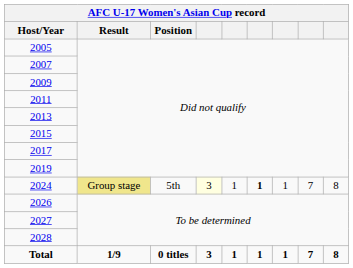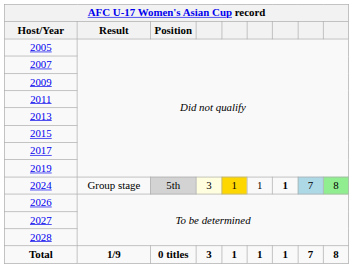 <table class="wikitable" style="text-align: center;">
 <tr>
 <th colspan=9 style="background:color: #0000FF;"><a href='#'>AFC U-17 Women's Asian Cup</a> record</th>
 </tr>
 <tr>
 <th style="width:100px;">Host/Year</th>
 <th style="width:100px;">Result</th>
 <th style="width:60px;">Position</th>
 <th style="width:30px;"></th>
 <th style="width:30px;"></th>
 <th style="width:30px;"></th>
 <th style="width:30px;"></th>
 <th style="width:30px;"></th>
 <th style="width:30px;"></th>
 </tr>
 <tr>
 <td> <a href='#'>2005</a></td>
 <td rowspan=8 colspan=8><em>Did not qualify</em></td>
 </tr>
 <tr>
 <td> <a href='#'>2007</a></td>
 </tr>
 <tr>
 <td> <a href='#'>2009</a></td>
 </tr>
 <tr>
 <td> <a href='#'>2011</a></td>
 </tr>
 <tr>
 <td> <a href='#'>2013</a></td>
 </tr>
 <tr>
 <td> <a href='#'>2015</a></td>
 </tr>
 <tr>
 <td> <a href='#'>2017</a></td>
 </tr>
 <tr>
 <td> <a href='#'>2019</a></td>
 </tr>
 <tr>
 <td> <a href='#'>2024</a></td>
-<td style="background: khaki;">Group stage</td>
-<td>5th</td>
+<td>Group stage</td>
+<td style="background: lightgrey;">5th</td>
 <td style="background: lightyellow;">3</td>
+<td style="background: gold;">1</td>
 <td>1</td>
 <td><strong>1</strong></td>
-<td>1</td>
-<td>7</td>
-<td>8</td>
+<td style="background: lightblue;">7</td>
+<td style="background: lightgreen;">8</td>
 </tr>
 <tr>
 <td> <a href='#'>2026</a></td>
 <td rowspan=3 colspan=8><em>To be determined</em></td>
 </tr>
 <tr>
 <td> <a href='#'>2027</a></td>
 </tr>
 <tr>
 <td> <a href='#'>2028</a></td>
 </tr>
 <tr>
 <td><strong>Total</strong></td>
 <td><strong>1/9</strong></td>
 <td><strong>0 titles</strong></td>
 <td><strong>3</strong></td>
 <td><strong>1</strong></td>
 <td><strong>1</strong></td>
 <td><strong>1</strong></td>
 <td><strong>7</strong></td>
 <td><strong>8</strong></td>
 </tr>
 </table>
